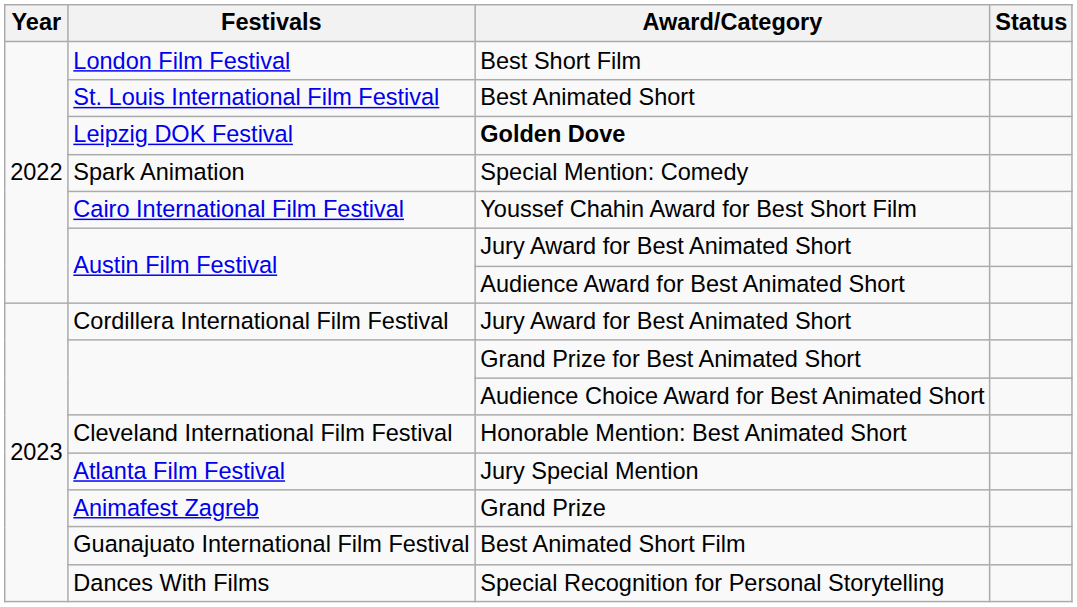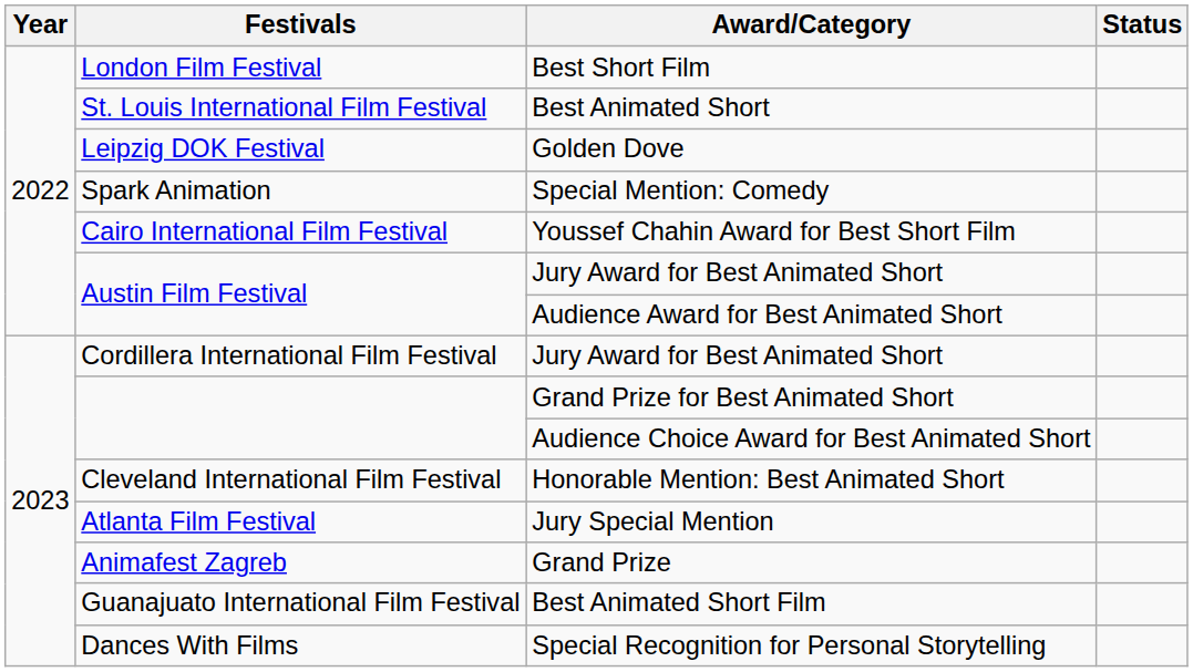 <table class="wikitable">
 <tr>
 <th>Year</th>
 <th>Festivals</th>
 <th>Award/Category</th>
 <th>Status</th>
 </tr>
 <tr>
 <td rowspan="7">2022</td>
 <td><a href='#'>London Film Festival</a></td>
 <td>Best Short Film</td>
 <td></td>
 </tr>
 <tr>
 <td><a href='#'>St. Louis International Film Festival</a></td>
 <td>Best Animated Short</td>
 <td></td>
 </tr>
 <tr>
 <td><a href='#'>Leipzig DOK Festival</a></td>
-<td><strong>Golden Dove</strong></td>
+<td>Golden Dove</td>
 <td></td>
 </tr>
 <tr>
 <td>Spark Animation</td>
 <td>Special Mention: Comedy</td>
 <td></td>
 </tr>
 <tr>
 <td><a href='#'>Cairo International Film Festival</a></td>
 <td>Youssef Chahin Award for Best Short Film</td>
 <td></td>
 </tr>
 <tr>
 <td rowspan="2"><a href='#'>Austin Film Festival</a></td>
 <td>Jury Award for Best Animated Short</td>
 <td></td>
 </tr>
 <tr>
 <td>Audience Award for Best Animated Short</td>
 <td></td>
 </tr>
 <tr>
 <td rowspan="8">2023</td>
 <td>Cordillera International Film Festival</td>
 <td>Jury Award for Best Animated Short</td>
 <td></td>
 </tr>
 <tr>
 <td rowspan="2"></td>
 <td>Grand Prize for Best Animated Short</td>
 <td></td>
 </tr>
 <tr>
 <td>Audience Choice Award for Best Animated Short</td>
 <td></td>
 </tr>
 <tr>
 <td>Cleveland International Film Festival</td>
 <td>Honorable Mention: Best Animated Short</td>
 <td></td>
 </tr>
 <tr>
 <td><a href='#'>Atlanta Film Festival</a></td>
 <td>Jury Special Mention</td>
 <td></td>
 </tr>
 <tr>
 <td><a href='#'>Animafest Zagreb</a></td>
 <td>Grand Prize</td>
 <td></td>
 </tr>
 <tr>
 <td>Guanajuato International Film Festival</td>
 <td>Best Animated Short Film</td>
 <td></td>
 </tr>
 <tr>
 <td>Dances With Films</td>
 <td>Special Recognition for Personal Storytelling</td>
 <td></td>
 </tr>
 </table>
